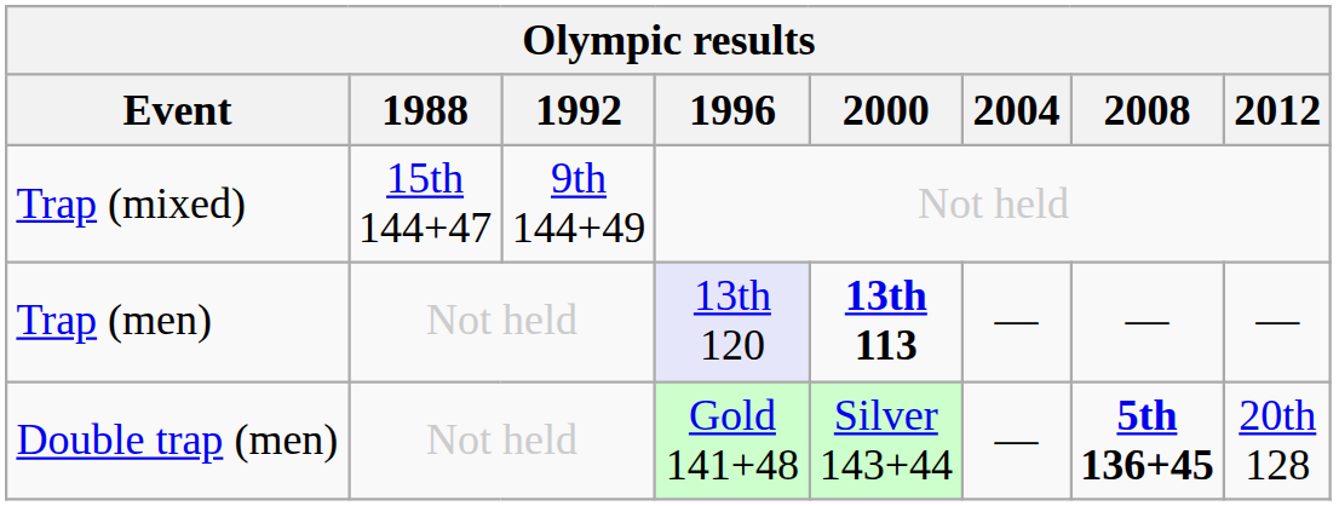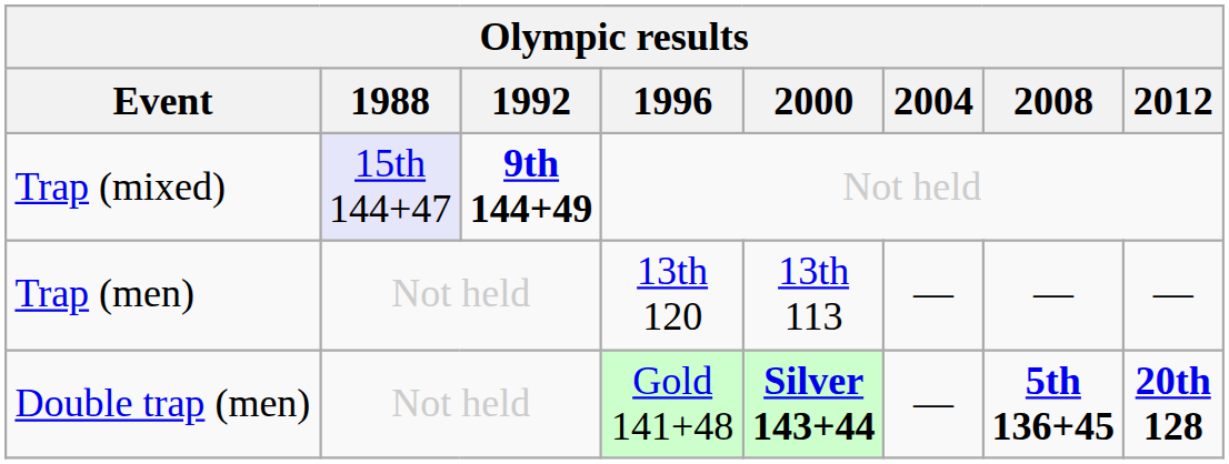 <table class="wikitable" style="text-align: center">
 <tr>
 <th colspan=8>Olympic results</th>
 </tr>
 <tr>
 <th>Event</th>
 <th>1988</th>
 <th>1992</th>
 <th>1996</th>
 <th>2000</th>
 <th>2004</th>
 <th>2008</th>
 <th>2012</th>
 </tr>
 <tr>
 <td align=left><a href='#'>Trap</a> (mixed)</td>
-<td><a href='#'>15th</a><br>144+47</td>
-<td><a href='#'>9th</a><br>144+49</td>
+<td style="background: lavender;"><a href='#'>15th</a><br>144+47</td>
+<td><strong><a href='#'>9th</a><br>144+49</strong></td>
 <td colspan=5 style="color: #cccccc">Not held</td>
 </tr>
 <tr>
 <td align=left><a href='#'>Trap</a> (men)</td>
 <td colspan=2 style="color: #cccccc">Not held</td>
-<td style="background: lavender;"><a href='#'>13th</a><br>120</td>
-<td><strong><a href='#'>13th</a><br>113</strong></td>
+<td><a href='#'>13th</a><br>120</td>
+<td><a href='#'>13th</a><br>113</td>
 <td>—</td>
 <td>—</td>
 <td>—</td>
 </tr>
 <tr>
 <td align=left><a href='#'>Double trap</a> (men)</td>
 <td colspan=2 style="color: #cccccc">Not held</td>
 <td style="background: #ccffcc"> <a href='#'>Gold</a><br>141+48</td>
-<td style="background: #ccffcc"> <a href='#'>Silver</a><br>143+44</td>
+<td style="background: #ccffcc"><strong> <a href='#'>Silver</a><br>143+44</strong></td>
 <td>—</td>
 <td><strong><a href='#'>5th</a><br>136+45</strong></td>
-<td><a href='#'>20th</a><br>128</td>
+<td><strong><a href='#'>20th</a><br>128</strong></td>
 </tr>
 </table>
